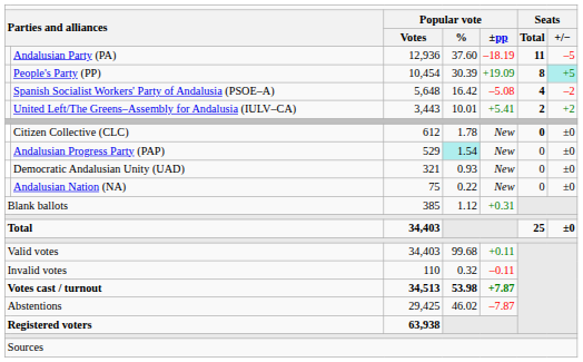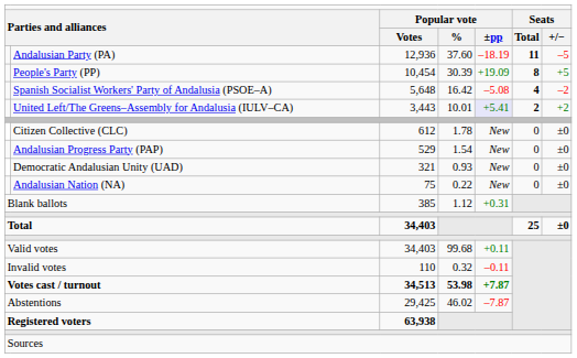 <table class="wikitable" style="text-align:right;">
 <tr>
 <td colspan="7"></td>
 </tr>
 <tr>
 <th style="text-align:left;" rowspan="2" colspan="2" width="525">Parties and alliances</th>
 <th colspan="3">Popular vote</th>
 <th colspan="2">Seats</th>
 </tr>
 <tr>
 <th width="75">Votes</th>
 <th width="45">%</th>
 <th width="45">±<a href='#'>pp</a></th>
 <th width="35">Total</th>
 <th width="35">+/−</th>
 </tr>
 <tr>
 <td width="1" style="color:inherit;background:"></td>
 <td align="left"><a href='#'>Andalusian Party</a> (PA)</td>
 <td>12,936</td>
 <td>37.60</td>
 <td style="color:red;">–18.19</td>
 <td><strong>11</strong></td>
 <td style="color:red;">–5</td>
 </tr>
 <tr>
 <td style="color:inherit;background:"></td>
 <td align="left"><a href='#'>People's Party</a> (PP)</td>
 <td>10,454</td>
 <td>30.39</td>
 <td style="color:green;">+19.09</td>
 <td><strong>8</strong></td>
-<td style="background: paleturquoise; color:green;">+5</td>
+<td style="color:green;">+5</td>
 </tr>
 <tr>
 <td style="color:inherit;background:"></td>
 <td align="left"><a href='#'>Spanish Socialist Workers' Party of Andalusia</a> (PSOE–A)</td>
 <td>5,648</td>
 <td>16.42</td>
 <td style="color:red;">–5.08</td>
 <td><strong>4</strong></td>
 <td style="color:red;">–2</td>
 </tr>
 <tr>
 <td style="color:inherit;background:"></td>
 <td align="left"><a href='#'>United Left/The Greens–Assembly for Andalusia</a> (IULV–CA)</td>
 <td>3,443</td>
 <td>10.01</td>
-<td style="color:green;">+5.41</td>
+<td style="background: lavender; color:green;">+5.41</td>
 <td><strong>2</strong></td>
 <td style="color:green;">+2</td>
 </tr>
 <tr>
 <td colspan="7" bgcolor="#C0C0C0"></td>
 </tr>
 <tr>
 <td bgcolor="white"></td>
 <td align="left">Citizen Collective (CLC)</td>
 <td>612</td>
 <td>1.78</td>
 <td><em>New</em></td>
-<td><strong>0</strong></td>
+<td>0</td>
 <td>±0</td>
 </tr>
 <tr>
 <td style="color:inherit;background:"></td>
 <td align="left"><a href='#'>Andalusian Progress Party</a> (PAP)</td>
 <td>529</td>
-<td style="background: paleturquoise;">1.54</td>
+<td>1.54</td>
 <td><em>New</em></td>
 <td>0</td>
 <td>±0</td>
 </tr>
 <tr>
 <td bgcolor="white"></td>
 <td align="left">Democratic Andalusian Unity (UAD)</td>
 <td>321</td>
 <td>0.93</td>
 <td><em>New</em></td>
 <td>0</td>
 <td>±0</td>
 </tr>
 <tr>
 <td style="color:inherit;background:"></td>
 <td align="left"><a href='#'>Andalusian Nation</a> (NA)</td>
 <td>75</td>
 <td>0.22</td>
 <td><em>New</em></td>
 <td>0</td>
 <td>±0</td>
 </tr>
 <tr>
 <td align="left" colspan="2">Blank ballots</td>
 <td>385</td>
 <td>1.12</td>
 <td style="color:green;">+0.31</td>
 <td bgcolor="#E9E9E9" colspan="2"></td>
 </tr>
 <tr>
 <td colspan="7" bgcolor="#E9E9E9"></td>
 </tr>
 <tr style="font-weight:bold;">
 <td align="left" colspan="2">Total</td>
 <td>34,403</td>
 <td bgcolor="#E9E9E9" colspan="2"></td>
 <td>25</td>
 <td>±0</td>
 </tr>
 <tr>
 <td colspan="7" bgcolor="#E9E9E9"></td>
 </tr>
 <tr>
 <td align="left" colspan="2">Valid votes</td>
 <td>34,403</td>
 <td>99.68</td>
 <td style="color:green;">+0.11</td>
 <td bgcolor="#E9E9E9" colspan="2" rowspan="5"></td>
 </tr>
 <tr>
 <td align="left" colspan="2">Invalid votes</td>
 <td>110</td>
 <td>0.32</td>
 <td style="color:red;">–0.11</td>
 </tr>
 <tr style="font-weight:bold;">
 <td align="left" colspan="2">Votes cast / turnout</td>
 <td>34,513</td>
 <td>53.98</td>
 <td style="color:green;">+7.87</td>
 </tr>
 <tr>
 <td align="left" colspan="2">Abstentions</td>
 <td>29,425</td>
 <td>46.02</td>
 <td style="color:red;">–7.87</td>
 </tr>
 <tr style="font-weight:bold;">
 <td align="left" colspan="2">Registered voters</td>
 <td>63,938</td>
 <td bgcolor="#E9E9E9" colspan="2"></td>
 </tr>
 <tr>
 <td colspan="7" bgcolor="#E9E9E9"></td>
 </tr>
 <tr>
 <td align="left" colspan="7">Sources</td>
 </tr>
 </table>
